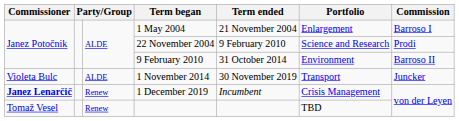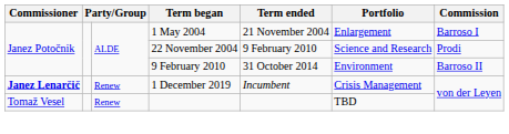 <table class="wikitable">
 <tr>
 <th>Commissioner</th>
 <th colspan="2">Party/Group</th>
 <th>Term began</th>
 <th>Term ended</th>
 <th>Portfolio</th>
 <th>Commission</th>
 </tr>
 <tr>
 <td rowspan="3"><a href='#'>Janez Potočnik</a></td>
 <td rowspan="3" style="background-color:"></td>
 <td rowspan="3"><a href='#'><small>ALDE</small></a></td>
 <td>1 May 2004</td>
 <td>21 November 2004</td>
 <td><a href='#'>Enlargement</a></td>
 <td><a href='#'>Barroso I</a></td>
 </tr>
 <tr>
 <td>22 November 2004</td>
 <td>9 February 2010</td>
 <td><a href='#'>Science and Research</a></td>
 <td><a href='#'>Prodi</a></td>
 </tr>
 <tr>
 <td>9 February 2010</td>
 <td>31 October 2014</td>
 <td><a href='#'>Environment</a></td>
 <td><a href='#'>Barroso II</a></td>
 </tr>
 <tr>
-<td><a href='#'>Violeta Bulc</a></td>
-<td style="background-color:"></td>
-<td><a href='#'><small>ALDE</small></a></td>
-<td>1 November 2014</td>
-<td>30 November 2019</td>
-<td><a href='#'>Transport</a></td>
-<td><a href='#'>Juncker</a></td>
-</tr>
-<tr>
 <td><strong><a href='#'>Janez Lenarčič</a></strong></td>
 <td style="background-color:"></td>
 <td><a href='#'><small>Renew</small></a></td>
 <td>1 December 2019</td>
 <td><em>Incumbent</em></td>
 <td><a href='#'>Crisis Management</a></td>
 <td rowspan="2"><a href='#'>von der Leyen</a></td>
 </tr>
 <tr>
 <td><a href='#'>Tomaž Vesel</a></td>
 <td style="background-color:"></td>
 <td><a href='#'><small>Renew</small></a></td>
 <td></td>
 <td></td>
 <td>TBD</td>
 </tr>
 </table>
